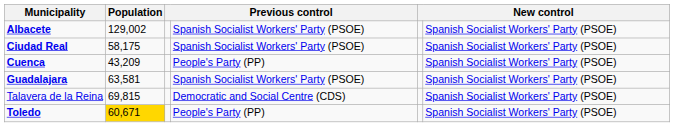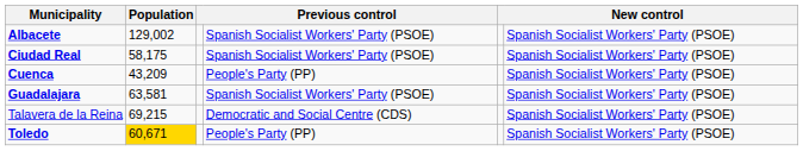 <table class="wikitable sortable">
 <tr>
 <th>Municipality</th>
 <th>Population</th>
 <th colspan="2" style="width:375px;">Previous control</th>
 <th colspan="2" style="width:375px;">New control</th>
 </tr>
 <tr>
 <td><strong><a href='#'>Albacete</a></strong></td>
 <td>129,002</td>
 <td width="1" style="color:inherit;background:"></td>
 <td><a href='#'>Spanish Socialist Workers' Party</a> (PSOE)</td>
 <td width="1" style="color:inherit;background:"></td>
 <td><a href='#'>Spanish Socialist Workers' Party</a> (PSOE)</td>
 </tr>
 <tr>
 <td><strong><a href='#'>Ciudad Real</a></strong></td>
 <td>58,175</td>
 <td style="color:inherit;background:"></td>
 <td><a href='#'>Spanish Socialist Workers' Party</a> (PSOE)</td>
 <td style="color:inherit;background:"></td>
 <td><a href='#'>Spanish Socialist Workers' Party</a> (PSOE)</td>
 </tr>
 <tr>
 <td><strong><a href='#'>Cuenca</a></strong></td>
 <td>43,209</td>
 <td style="color:inherit;background:"></td>
 <td><a href='#'>People's Party</a> (PP)</td>
 <td style="color:inherit;background:"></td>
 <td><a href='#'>Spanish Socialist Workers' Party</a> (PSOE)</td>
 </tr>
 <tr>
 <td><strong><a href='#'>Guadalajara</a></strong></td>
 <td>63,581</td>
 <td style="color:inherit;background:"></td>
 <td><a href='#'>Spanish Socialist Workers' Party</a> (PSOE)</td>
 <td style="color:inherit;background:"></td>
 <td><a href='#'>Spanish Socialist Workers' Party</a> (PSOE)</td>
 </tr>
 <tr>
 <td><a href='#'>Talavera de la Reina</a></td>
-<td>69,815</td>
+<td>69,215</td>
 <td style="color:inherit;background:"></td>
 <td><a href='#'>Democratic and Social Centre</a> (CDS)</td>
 <td style="color:inherit;background:"></td>
 <td><a href='#'>Spanish Socialist Workers' Party</a> (PSOE)</td>
 </tr>
 <tr>
 <td><strong><a href='#'>Toledo</a></strong></td>
 <td style="background: gold;">60,671</td>
 <td style="color:inherit;background:"></td>
 <td><a href='#'>People's Party</a> (PP)</td>
 <td style="color:inherit;background:"></td>
 <td><a href='#'>Spanish Socialist Workers' Party</a> (PSOE)</td>
 </tr>
 </table>
